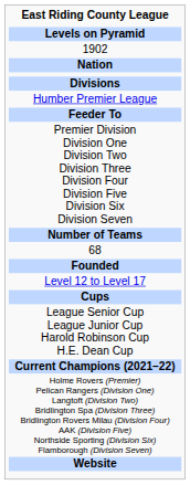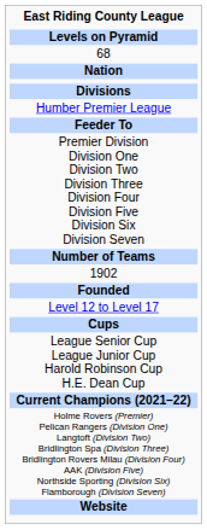 <table class="infobox football" style="width: 16em; text-align: center;">
 <tr>
 <th style="">East Riding County League</th>
 </tr>
 <tr>
 <td style="font-size: 11px; line-height: 15px;"></td>
 </tr>
 <tr>
 <td style="background: #BFD7FF;"><strong>Levels on Pyramid</strong></td>
 </tr>
 <tr>
-<td style="">1902</td>
+<td style="">68</td>
 </tr>
 <tr>
 <td style="background: #BFD7FF;"><strong>Nation</strong></td>
 </tr>
 <tr>
 <td style=""></td>
 </tr>
 <tr>
 <td style="background: #BFD7FF;"><strong>Divisions</strong></td>
 </tr>
 <tr>
 <td style=""><a href='#'>Humber Premier League</a><br></td>
 </tr>
 <tr>
 <td style="background: #BFD7FF;"><strong>Feeder To</strong></td>
 </tr>
 <tr>
 <td style="">Premier Division<br>Division One<br>Division Two<br>Division Three<br>Division Four<br>Division Five<br>Division Six<br>Division Seven</td>
 </tr>
 <tr>
 <td style="background: #BFD7FF;"><strong>Number of Teams</strong></td>
 </tr>
 <tr>
-<td style="">68</td>
+<td style="">1902</td>
 </tr>
 <tr>
 <td style="background: #BFD7FF;"><strong>Founded</strong></td>
 </tr>
 <tr>
 <td style=""><a href='#'>Level 12 to Level 17</a></td>
 </tr>
 <tr>
 <td style="background: #BFD7FF;"><strong>Cups</strong></td>
 </tr>
 <tr>
 <td style="">League Senior Cup<br>League Junior Cup<br>Harold Robinson Cup<br>H.E. Dean Cup</td>
 </tr>
 <tr>
 <td style="background: #BFD7FF;"><strong>Current Champions (2021–22)</strong></td>
 </tr>
 <tr>
 <td style="font-size: 12px;">Holme Rovers <em>(Premier)</em><br>Pelican Rangers <em>(Division One)</em><br>Langtoft <em>(Division Two)</em><br>Bridlington Spa <em>(Division Three)</em><br>Bridlington Rovers Milau <em>(Division Four)</em><br>AAK <em>(Division Five)</em><br>Northside Sporting <em>(Division Six)</em><br>Flamborough <em>(Division Seven)</em></td>
 </tr>
 <tr>
 <td style="background: #BFD7FF;"><strong>Website</strong></td>
 </tr>
 <tr>
 <td style=""></td>
 </tr>
 <tr>
 </tr>
 </table>
